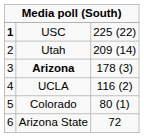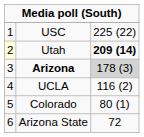 <table class="wikitable">
 <tr align="center">
 <td align="center" Colspan="3"><strong>Media poll (South)</strong></td>
 </tr>
 <tr align="center">
 </tr>
 <tr align="center">
-<td><strong>1</strong></td>
+<td>1</td>
 <td>USC</td>
 <td>225 (22)</td>
 </tr>
 <tr align="center">
-<td>2</td>
+<td style="background: lightyellow;">2</td>
 <td>Utah</td>
-<td>209 (14)</td>
+<td><strong>209 (14)</strong></td>
 </tr>
 <tr align="center">
 <td>3</td>
 <td><strong>Arizona</strong></td>
-<td>178 (3)</td>
+<td style="background: lightgrey;">178 (3)</td>
 </tr>
 <tr align="center">
 <td>4</td>
 <td>UCLA</td>
 <td>116 (2)</td>
 </tr>
 <tr align="center">
 <td>5</td>
 <td>Colorado</td>
 <td>80 (1)</td>
 </tr>
 <tr align="center">
 <td>6</td>
 <td>Arizona State</td>
 <td>72</td>
 </tr>
 </table>
